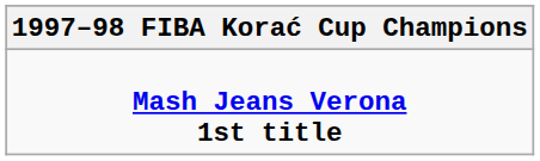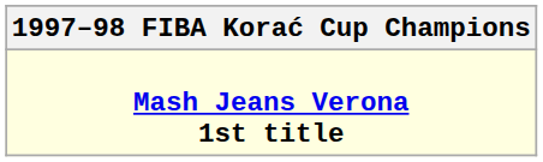 <table class=wikitable style="text-align:center; margin:auto">
 <tr>
 <th>1997–98 FIBA Korać Cup Champions</th>
 </tr>
 <tr>
-<td><br> <strong><a href='#'>Mash Jeans Verona</a></strong> <br> <strong>1st title</strong></td>
+<td style="background: lightyellow;"><br> <strong><a href='#'>Mash Jeans Verona</a></strong> <br> <strong>1st title</strong></td>
 </tr>
 </table>
